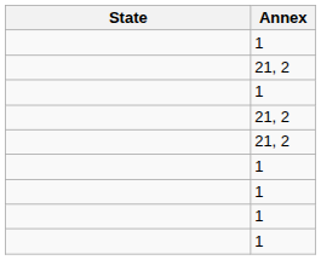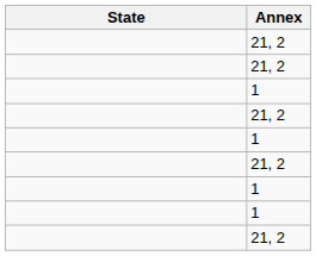 <table class="wikitable sortable">
 <tr>
 <th scope="col" width="243">State</th>
 <th scope="col" width="58">Annex</th>
+</tr>
+<tr>
+<td></td>
+<td><span>2</span>1, 2</td>
+</tr>
+<tr>
+<td></td>
+<td><span>2</span>1, 2</td>
 </tr>
 <tr>
 <td></td>
 <td>1</td>
 </tr>
 <tr>
 <td></td>
 <td><span>2</span>1, 2</td>
 </tr>
 <tr>
 <td></td>
 <td>1</td>
 </tr>
 <tr>
 <td></td>
 <td><span>2</span>1, 2</td>
 </tr>
 <tr>
 <td></td>
-<td><span>2</span>1, 2</td>
-</tr>
-<tr>
-<td></td>
 <td>1</td>
 </tr>
 <tr>
 <td></td>
 <td>1</td>
 </tr>
 <tr>
 <td></td>
-<td>1</td>
-</tr>
-<tr>
-<td></td>
-<td>1</td>
+<td><span>2</span>1, 2</td>
 </tr>
 </table>
